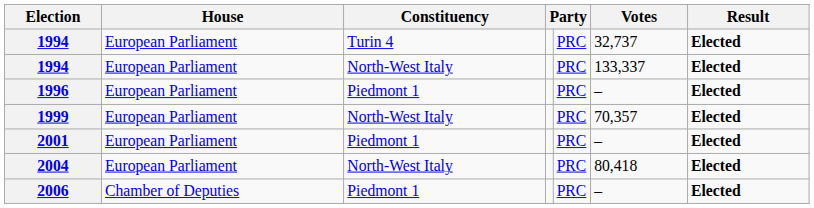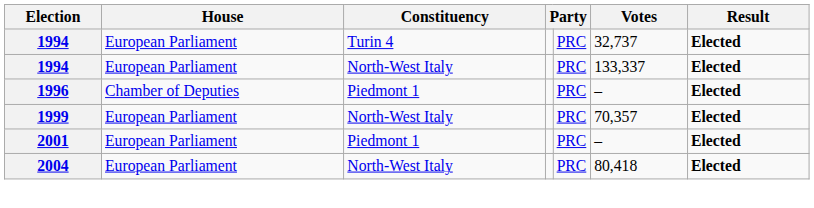 <table class=wikitable style="width:65%; border:1px #AAAAFF solid">
 <tr>
 <th width=12%>Election</th>
 <th width=30%>House</th>
 <th width=25%>Constituency</th>
 <th width=5% colspan="2">Party</th>
 <th width=12%>Votes</th>
 <th width=15%>Result</th>
 </tr>
 <tr>
 <th><a href='#'>1994</a></th>
 <td><a href='#'>European Parliament</a></td>
 <td><a href='#'>Turin 4</a></td>
 <td></td>
 <td><a href='#'>PRC</a></td>
 <td>32,737</td>
 <td> <strong>Elected</strong></td>
 </tr>
 <tr>
 <th><a href='#'>1994</a></th>
 <td><a href='#'>European Parliament</a></td>
 <td><a href='#'>North-West Italy</a></td>
 <td></td>
 <td><a href='#'>PRC</a></td>
 <td>133,337</td>
 <td> <strong>Elected</strong></td>
 </tr>
 <tr>
 <th><a href='#'>1996</a></th>
-<td><a href='#'>European Parliament</a></td>
+<td><a href='#'>Chamber of Deputies</a></td>
 <td><a href='#'>Piedmont 1</a></td>
 <td></td>
 <td><a href='#'>PRC</a></td>
 <td>–</td>
 <td> <strong>Elected</strong></td>
 </tr>
 <tr>
 <th><a href='#'>1999</a></th>
 <td><a href='#'>European Parliament</a></td>
 <td><a href='#'>North-West Italy</a></td>
 <td></td>
 <td><a href='#'>PRC</a></td>
 <td>70,357</td>
 <td> <strong>Elected</strong></td>
 </tr>
 <tr>
 <th><a href='#'>2001</a></th>
 <td><a href='#'>European Parliament</a></td>
 <td><a href='#'>Piedmont 1</a></td>
 <td></td>
 <td><a href='#'>PRC</a></td>
 <td>–</td>
 <td> <strong>Elected</strong></td>
 </tr>
 <tr>
 <th><a href='#'>2004</a></th>
 <td><a href='#'>European Parliament</a></td>
 <td><a href='#'>North-West Italy</a></td>
 <td></td>
 <td><a href='#'>PRC</a></td>
 <td>80,418</td>
 <td> <strong>Elected</strong></td>
 </tr>
-<tr>
-<th><a href='#'>2006</a></th>
-<td><a href='#'>Chamber of Deputies</a></td>
-<td><a href='#'>Piedmont 1</a></td>
-<td></td>
-<td><a href='#'>PRC</a></td>
-<td>–</td>
-<td> <strong>Elected</strong></td>
-</tr>
 </table>
